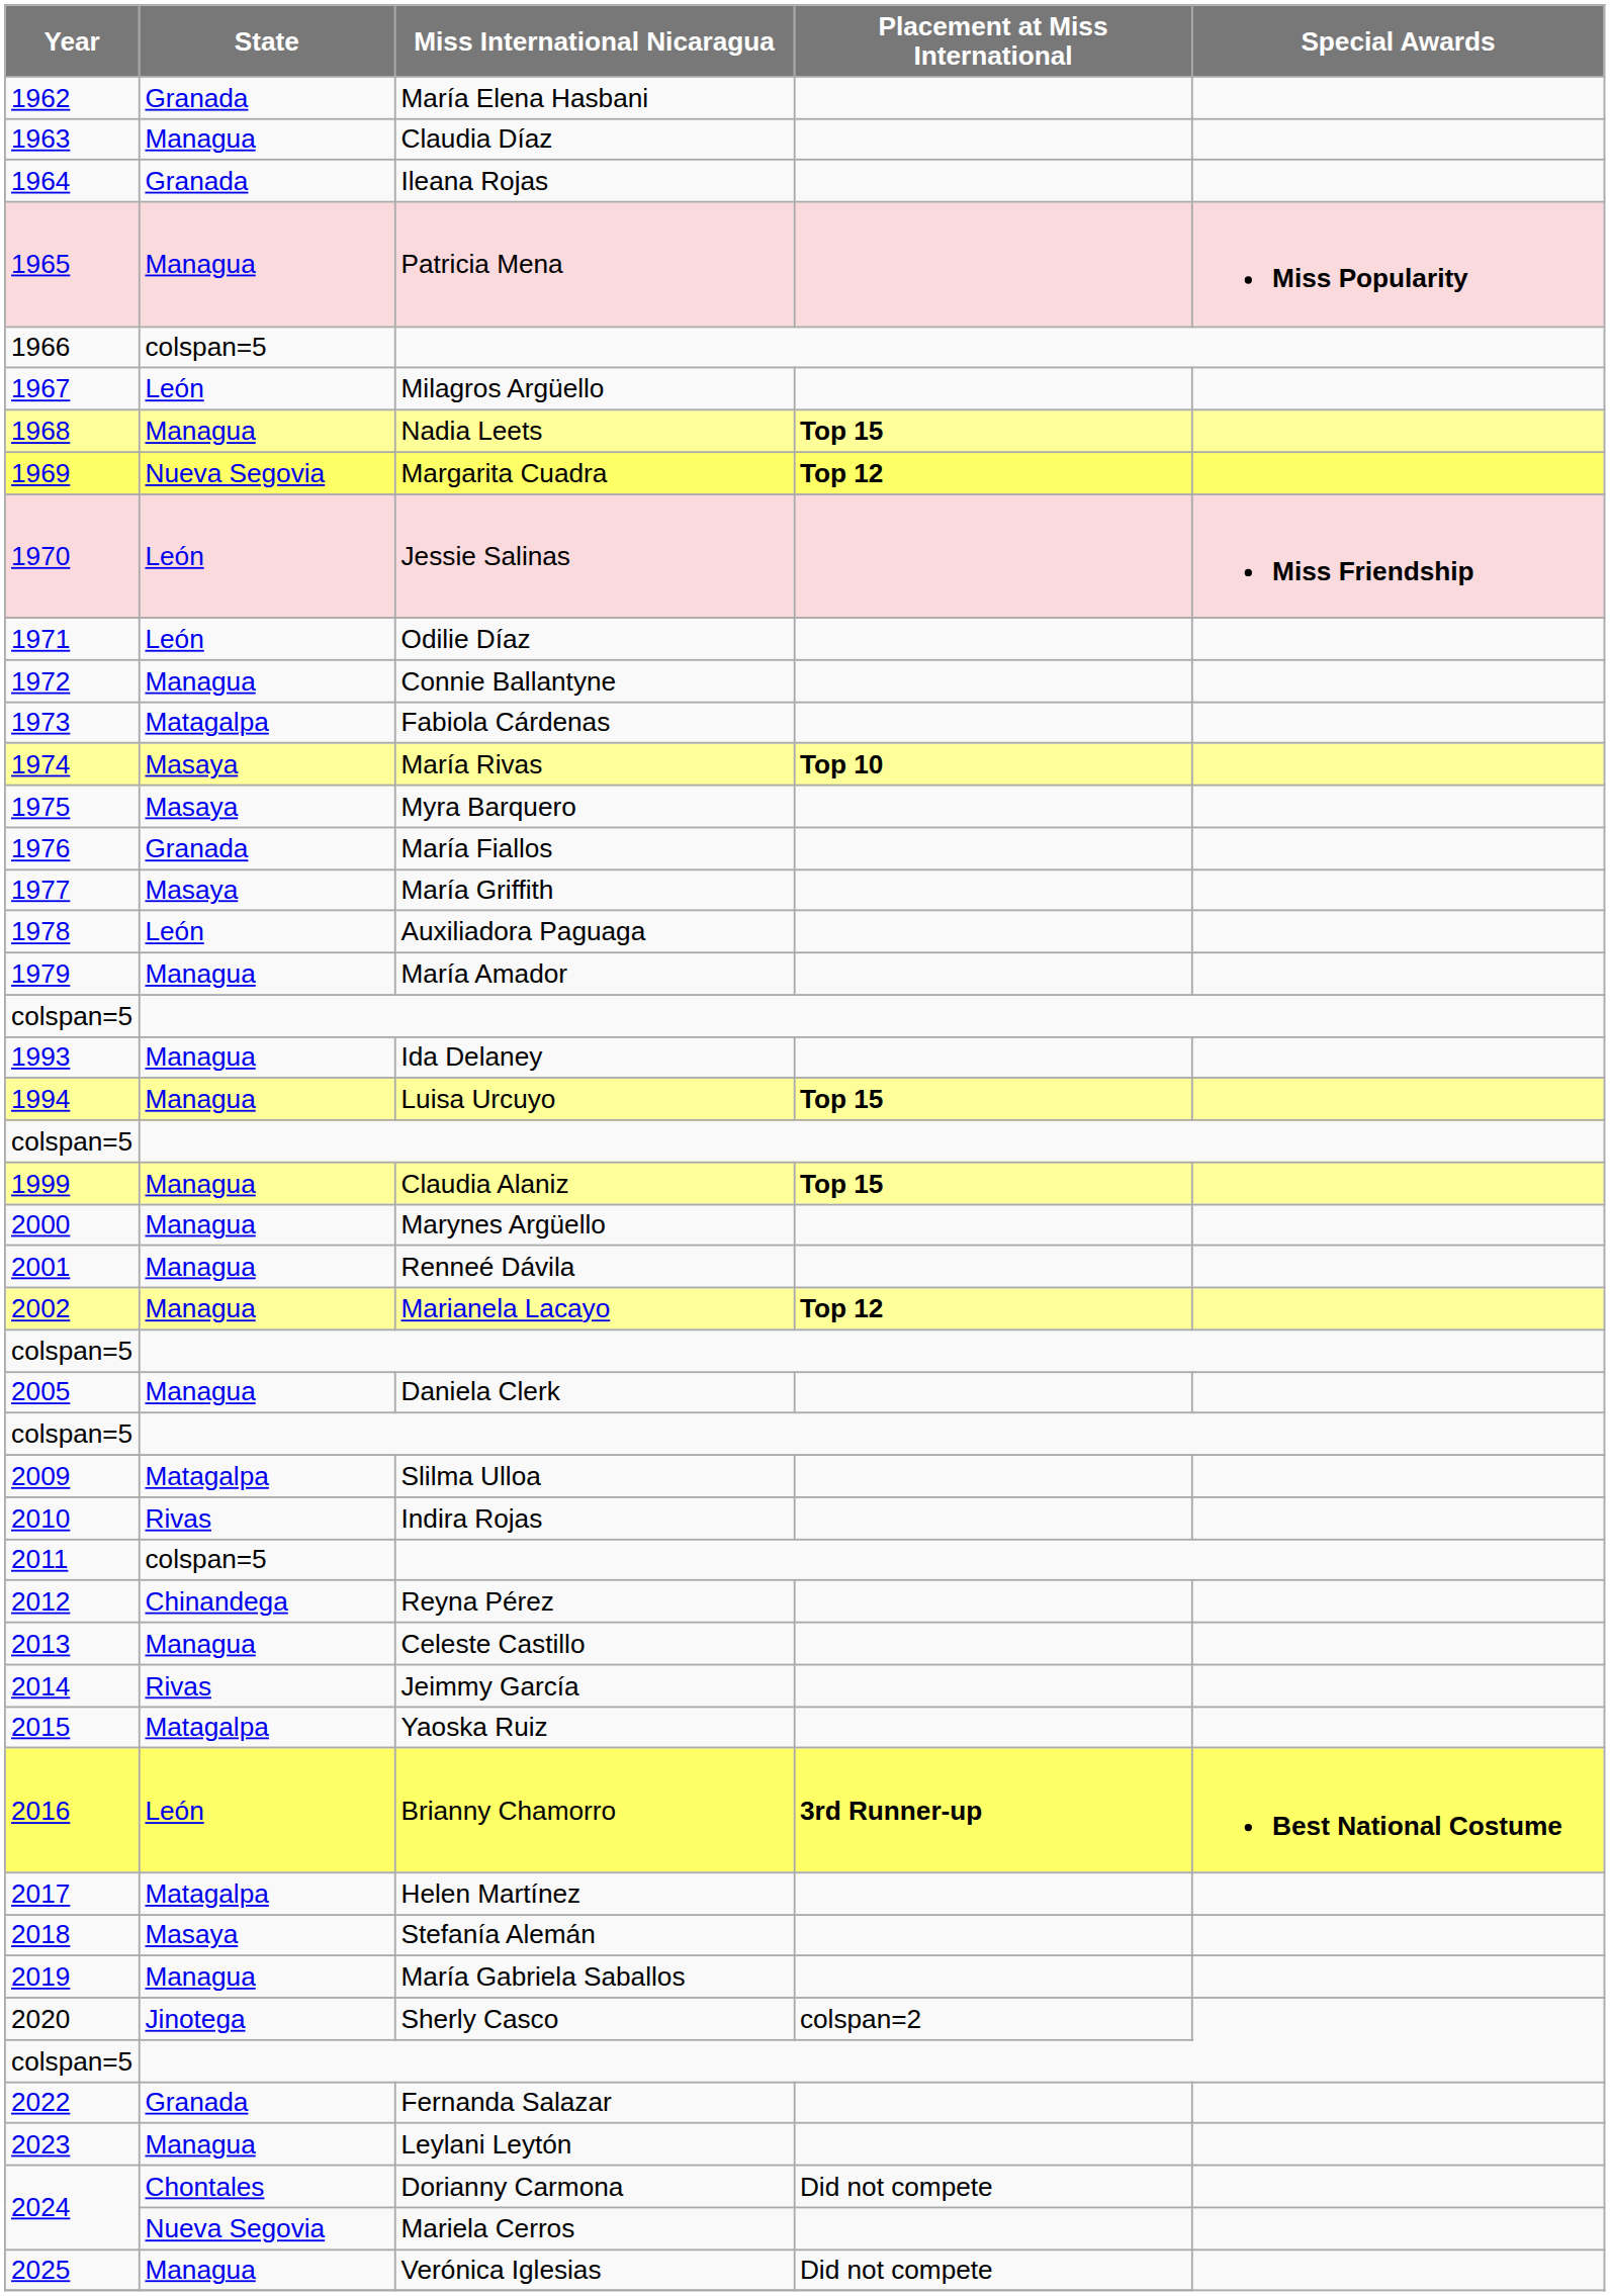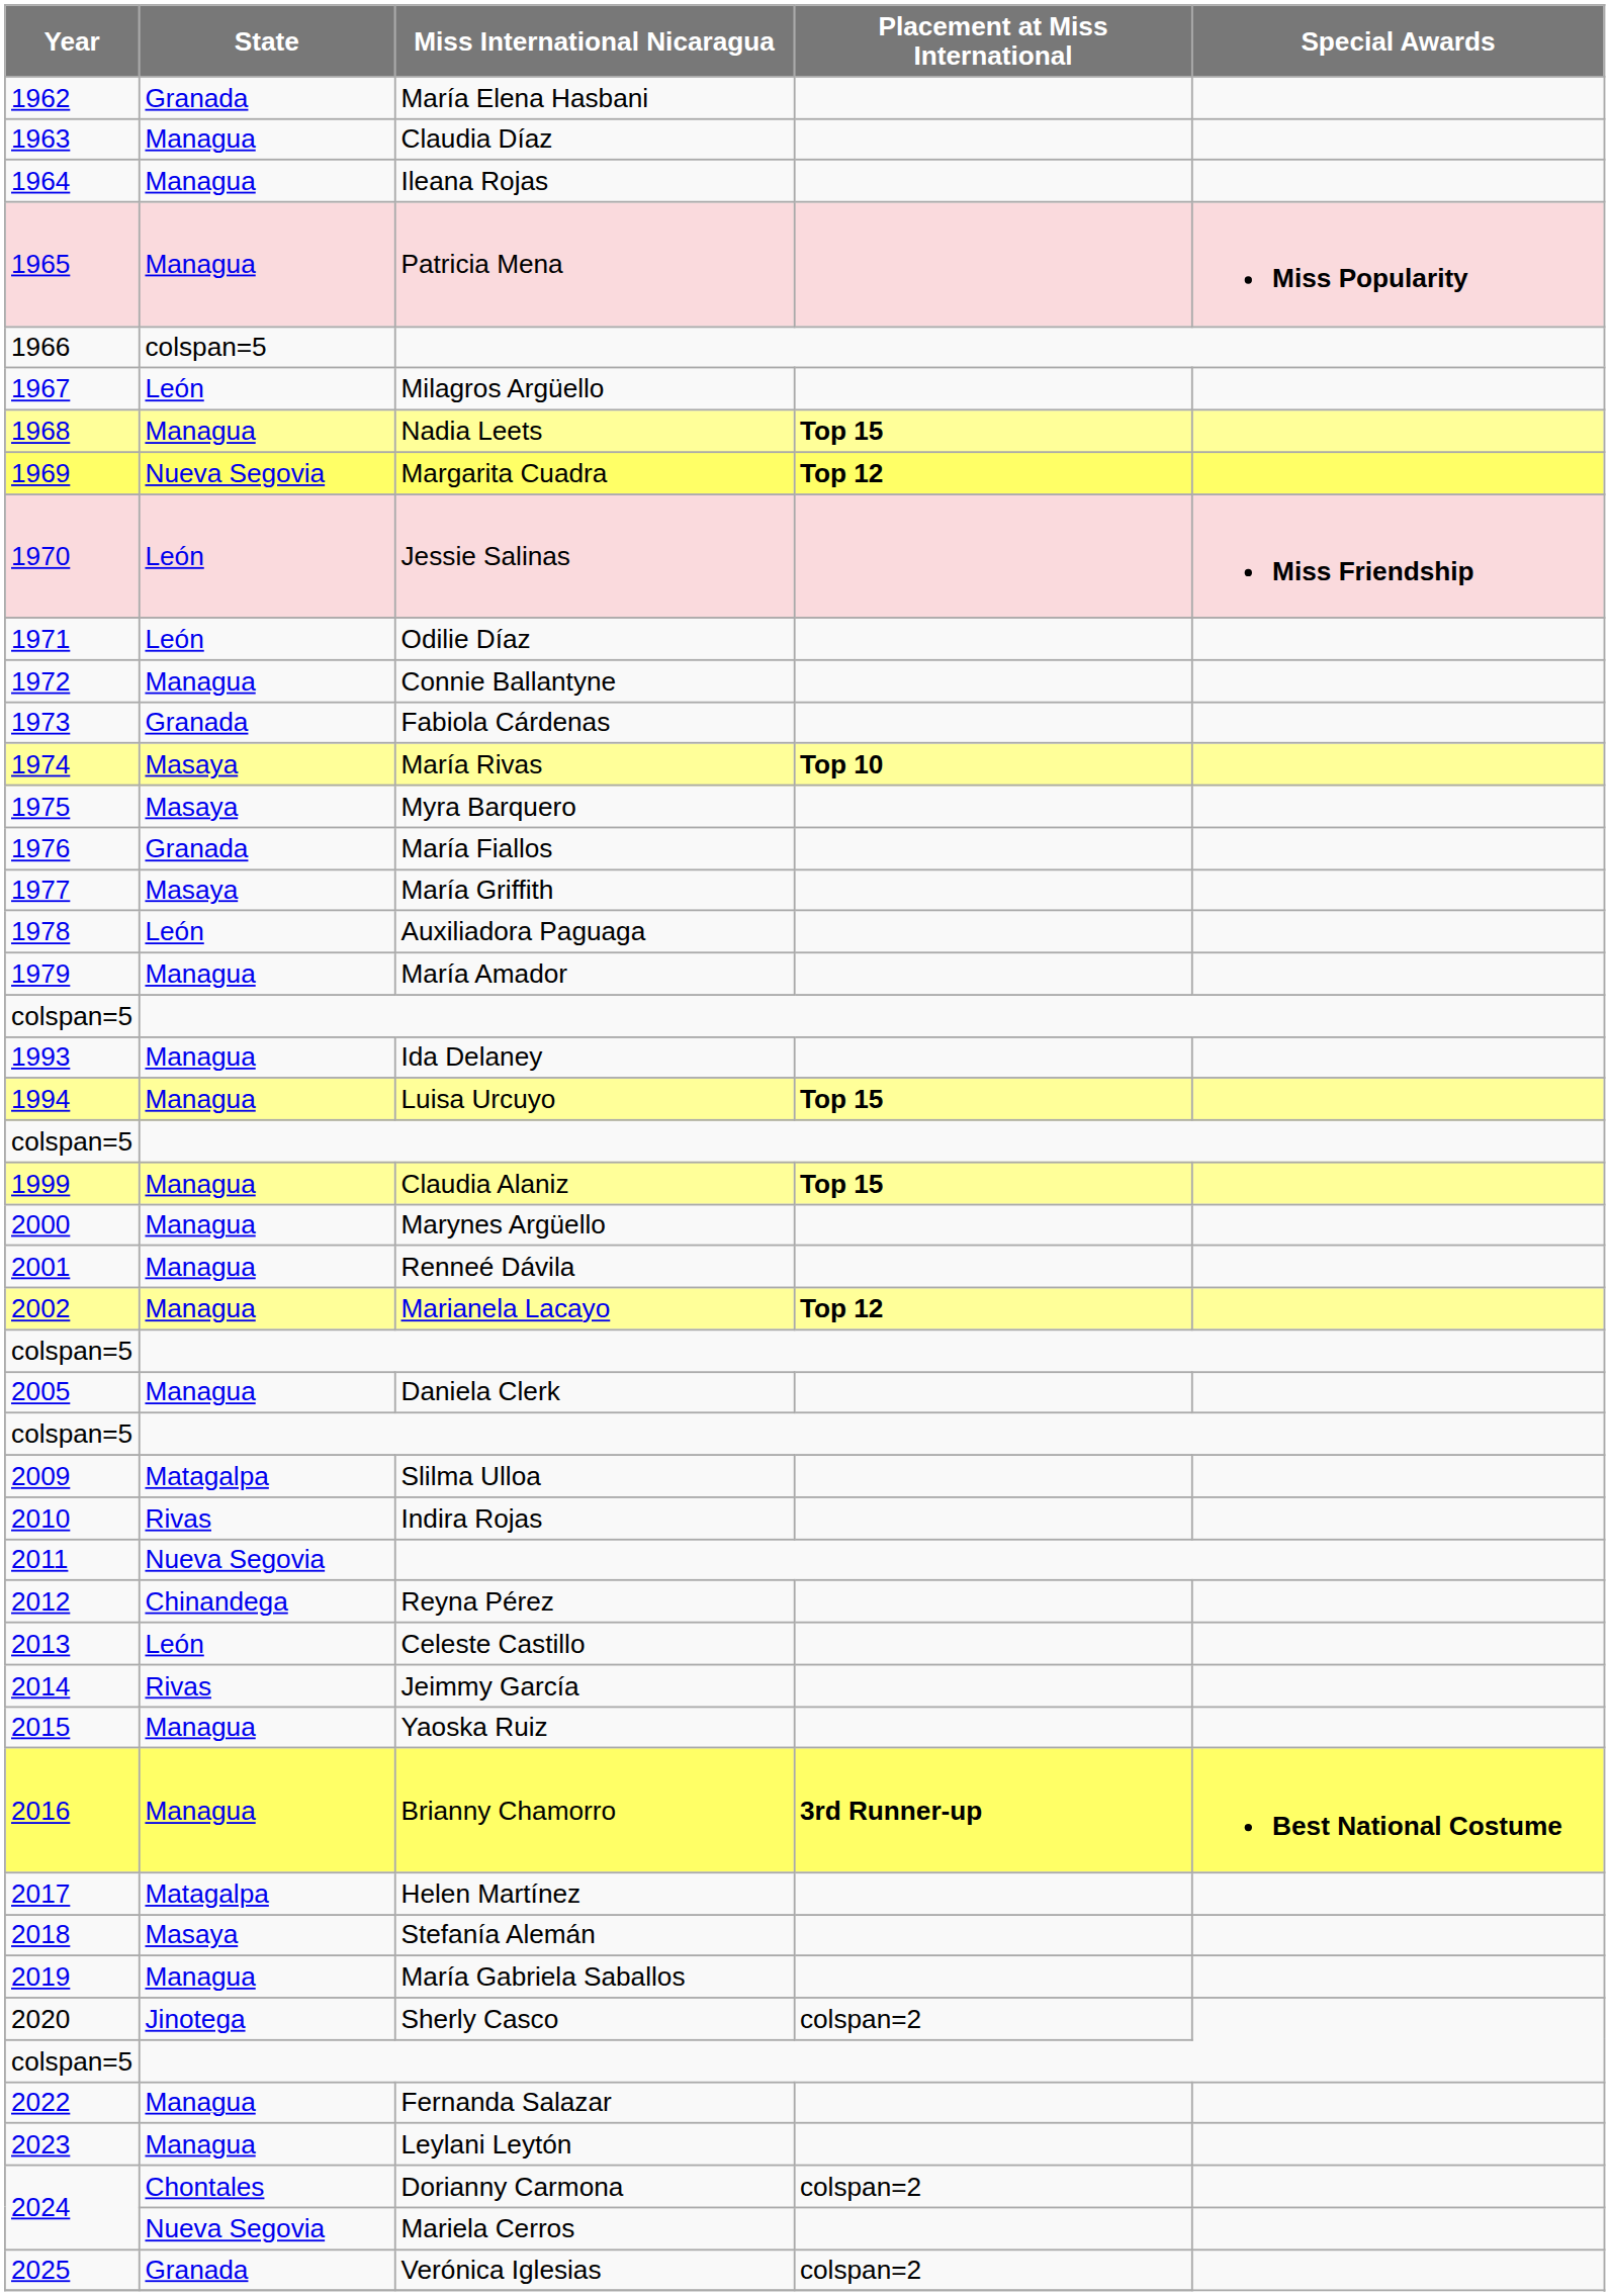 <table class="wikitable " style="font-size: 90%;">
 <tr>
 <th width="60" style="background-color:#787878;color:#FFFFFF;">Year</th>
 <th width="150" style="background-color:#787878;color:#FFFFFF;">State</th>
 <th width="250" style="background-color:#787878;color:#FFFFFF;">Miss International Nicaragua</th>
 <th width="250" style="background-color:#787878;color:#FFFFFF;">Placement at Miss International</th>
 <th width="250" style="background-color:#787878;color:#FFFFFF;">Special Awards</th>
 </tr>
 <tr>
 <td><a href='#'>1962</a></td>
 <td><a href='#'>Granada</a></td>
 <td>María Elena Hasbani</td>
 <td></td>
 <td></td>
 </tr>
 <tr>
 <td><a href='#'>1963</a></td>
 <td><a href='#'>Managua</a></td>
 <td>Claudia Díaz</td>
 <td></td>
 <td></td>
 </tr>
 <tr>
 <td><a href='#'>1964</a></td>
-<td><a href='#'>Granada</a></td>
+<td><a href='#'>Managua</a></td>
 <td>Ileana Rojas</td>
 <td></td>
 <td></td>
 </tr>
 <tr style="background-color:#FADADD;">
 <td><a href='#'>1965</a></td>
 <td><a href='#'>Managua</a></td>
 <td>Patricia Mena</td>
 <td></td>
 <td><br><ul><li><strong>Miss Popularity</strong></li></ul></td>
 </tr>
 <tr>
 <td>1966</td>
 <td>colspan=5 </td>
 </tr>
 <tr>
 <td><a href='#'>1967</a></td>
 <td><a href='#'>León</a></td>
 <td>Milagros Argüello</td>
 <td></td>
 <td></td>
 </tr>
 <tr style="background-color:#FFFF99;">
 <td><a href='#'>1968</a></td>
 <td><a href='#'>Managua</a></td>
 <td>Nadia Leets</td>
 <td><strong>Top 15</strong></td>
 <td></td>
 </tr>
 <tr style="background-color:#FFFF66;">
 <td><a href='#'>1969</a></td>
 <td><a href='#'>Nueva Segovia</a></td>
 <td>Margarita Cuadra</td>
 <td><strong>Top 12</strong></td>
 <td></td>
 </tr>
 <tr style="background-color:#FADADD;">
 <td><a href='#'>1970</a></td>
 <td><a href='#'>León</a></td>
 <td>Jessie Salinas</td>
 <td></td>
 <td><br><ul><li><strong>Miss Friendship</strong></li></ul></td>
 </tr>
 <tr>
 <td><a href='#'>1971</a></td>
 <td><a href='#'>León</a></td>
 <td>Odilie Díaz</td>
 <td></td>
 <td></td>
 </tr>
 <tr>
 <td><a href='#'>1972</a></td>
 <td><a href='#'>Managua</a></td>
 <td>Connie Ballantyne</td>
 <td></td>
 <td></td>
 </tr>
 <tr>
 <td><a href='#'>1973</a></td>
-<td><a href='#'>Matagalpa</a></td>
+<td><a href='#'>Granada</a></td>
 <td>Fabiola Cárdenas</td>
 <td></td>
 <td></td>
 </tr>
 <tr style="background-color:#FFFF99;">
 <td><a href='#'>1974</a></td>
 <td><a href='#'>Masaya</a></td>
 <td>María Rivas</td>
 <td><strong>Top 10</strong></td>
 <td></td>
 </tr>
 <tr>
 <td><a href='#'>1975</a></td>
 <td><a href='#'>Masaya</a></td>
 <td>Myra Barquero</td>
 <td></td>
 <td></td>
 </tr>
 <tr>
 <td><a href='#'>1976</a></td>
 <td><a href='#'>Granada</a></td>
 <td>María Fiallos</td>
 <td></td>
 <td></td>
 </tr>
 <tr>
 <td><a href='#'>1977</a></td>
 <td><a href='#'>Masaya</a></td>
 <td>María Griffith</td>
 <td></td>
 <td></td>
 </tr>
 <tr>
 <td><a href='#'>1978</a></td>
 <td><a href='#'>León</a></td>
 <td>Auxiliadora Paguaga</td>
 <td></td>
 <td></td>
 </tr>
 <tr>
 <td><a href='#'>1979</a></td>
 <td><a href='#'>Managua</a></td>
 <td>María Amador</td>
 <td></td>
 <td></td>
 </tr>
 <tr>
 <td>colspan=5 </td>
 </tr>
 <tr>
 <td><a href='#'>1993</a></td>
 <td><a href='#'>Managua</a></td>
 <td>Ida Delaney</td>
 <td></td>
 <td></td>
 </tr>
 <tr style="background-color:#FFFF99;">
 <td><a href='#'>1994</a></td>
 <td><a href='#'>Managua</a></td>
 <td>Luisa Urcuyo</td>
 <td><strong>Top 15</strong></td>
 <td></td>
 </tr>
 <tr>
 <td>colspan=5 </td>
 </tr>
 <tr style="background-color:#FFFF99;">
 <td><a href='#'>1999</a></td>
 <td><a href='#'>Managua</a></td>
 <td>Claudia Alaniz</td>
 <td><strong>Top 15</strong></td>
 <td></td>
 </tr>
 <tr>
 <td><a href='#'>2000</a></td>
 <td><a href='#'>Managua</a></td>
 <td>Marynes Argüello</td>
 <td></td>
 <td></td>
 </tr>
 <tr>
 <td><a href='#'>2001</a></td>
 <td><a href='#'>Managua</a></td>
 <td>Renneé Dávila</td>
 <td></td>
 <td></td>
 </tr>
 <tr style="background-color:#FFFF99;">
 <td><a href='#'>2002</a></td>
 <td><a href='#'>Managua</a></td>
 <td><a href='#'>Marianela Lacayo</a></td>
 <td><strong>Top 12</strong></td>
 <td></td>
 </tr>
 <tr>
 <td>colspan=5 </td>
 </tr>
 <tr>
 <td><a href='#'>2005</a></td>
 <td><a href='#'>Managua</a></td>
 <td>Daniela Clerk</td>
 <td></td>
 <td></td>
 </tr>
 <tr>
 <td>colspan=5 </td>
 </tr>
 <tr>
 <td><a href='#'>2009</a></td>
 <td><a href='#'>Matagalpa</a></td>
 <td>Slilma Ulloa</td>
 <td></td>
 <td></td>
 </tr>
 <tr>
 <td><a href='#'>2010</a></td>
 <td><a href='#'>Rivas</a></td>
 <td>Indira Rojas</td>
 <td></td>
 <td></td>
 </tr>
 <tr>
 <td><a href='#'>2011</a></td>
-<td>colspan=5 </td>
+<td><a href='#'>Nueva Segovia</a></td>
 </tr>
 <tr>
 <td><a href='#'>2012</a></td>
 <td><a href='#'>Chinandega</a></td>
 <td>Reyna Pérez</td>
 <td></td>
 <td></td>
 </tr>
 <tr>
 <td><a href='#'>2013</a></td>
-<td><a href='#'>Managua</a></td>
+<td><a href='#'>León</a></td>
 <td>Celeste Castillo</td>
 <td></td>
 <td></td>
 </tr>
 <tr>
 <td><a href='#'>2014</a></td>
 <td><a href='#'>Rivas</a></td>
 <td>Jeimmy García</td>
 <td></td>
 <td></td>
 </tr>
 <tr>
 <td><a href='#'>2015</a></td>
-<td><a href='#'>Matagalpa</a></td>
+<td><a href='#'>Managua</a></td>
 <td>Yaoska Ruiz</td>
 <td></td>
 <td></td>
 </tr>
 <tr style="background-color:#FFFF66;">
 <td><a href='#'>2016</a></td>
-<td><a href='#'>León</a></td>
+<td><a href='#'>Managua</a></td>
 <td>Brianny Chamorro</td>
 <td><strong>3rd Runner-up</strong></td>
 <td><br><ul><li><strong>Best National Costume</strong></li></ul></td>
 </tr>
 <tr>
 <td><a href='#'>2017</a></td>
 <td><a href='#'>Matagalpa</a></td>
 <td>Helen Martínez</td>
 <td></td>
 <td></td>
 </tr>
 <tr>
 <td><a href='#'>2018</a></td>
 <td><a href='#'>Masaya</a></td>
 <td>Stefanía Alemán</td>
 <td></td>
 <td></td>
 </tr>
 <tr>
 <td><a href='#'>2019</a></td>
 <td><a href='#'>Managua</a></td>
 <td>María Gabriela Saballos</td>
 <td></td>
 <td></td>
 </tr>
 <tr>
 <td>2020</td>
 <td><a href='#'>Jinotega</a></td>
 <td>Sherly Casco</td>
 <td>colspan=2 </td>
 </tr>
 <tr>
 <td>colspan=5 </td>
 </tr>
 <tr>
 <td><a href='#'>2022</a></td>
-<td><a href='#'>Granada</a></td>
+<td><a href='#'>Managua</a></td>
 <td>Fernanda Salazar</td>
 <td></td>
 <td></td>
 </tr>
 <tr>
 <td><a href='#'>2023</a></td>
 <td><a href='#'>Managua</a></td>
 <td>Leylani Leytón</td>
 <td></td>
 <td></td>
 </tr>
 <tr>
 <td rowspan=2><a href='#'>2024</a></td>
 <td><a href='#'>Chontales</a></td>
 <td>Dorianny Carmona</td>
-<td>Did not compete</td>
+<td>colspan=2 </td>
 <td></td>
 </tr>
 <tr>
 <td><a href='#'>Nueva Segovia</a></td>
 <td>Mariela Cerros</td>
 <td></td>
 <td></td>
 </tr>
 <tr>
 <td><a href='#'>2025</a></td>
-<td><a href='#'>Managua</a></td>
+<td><a href='#'>Granada</a></td>
 <td>Verónica Iglesias</td>
-<td>Did not compete</td>
+<td>colspan=2 </td>
 </tr>
 <tr>
 </tr>
 </table>
